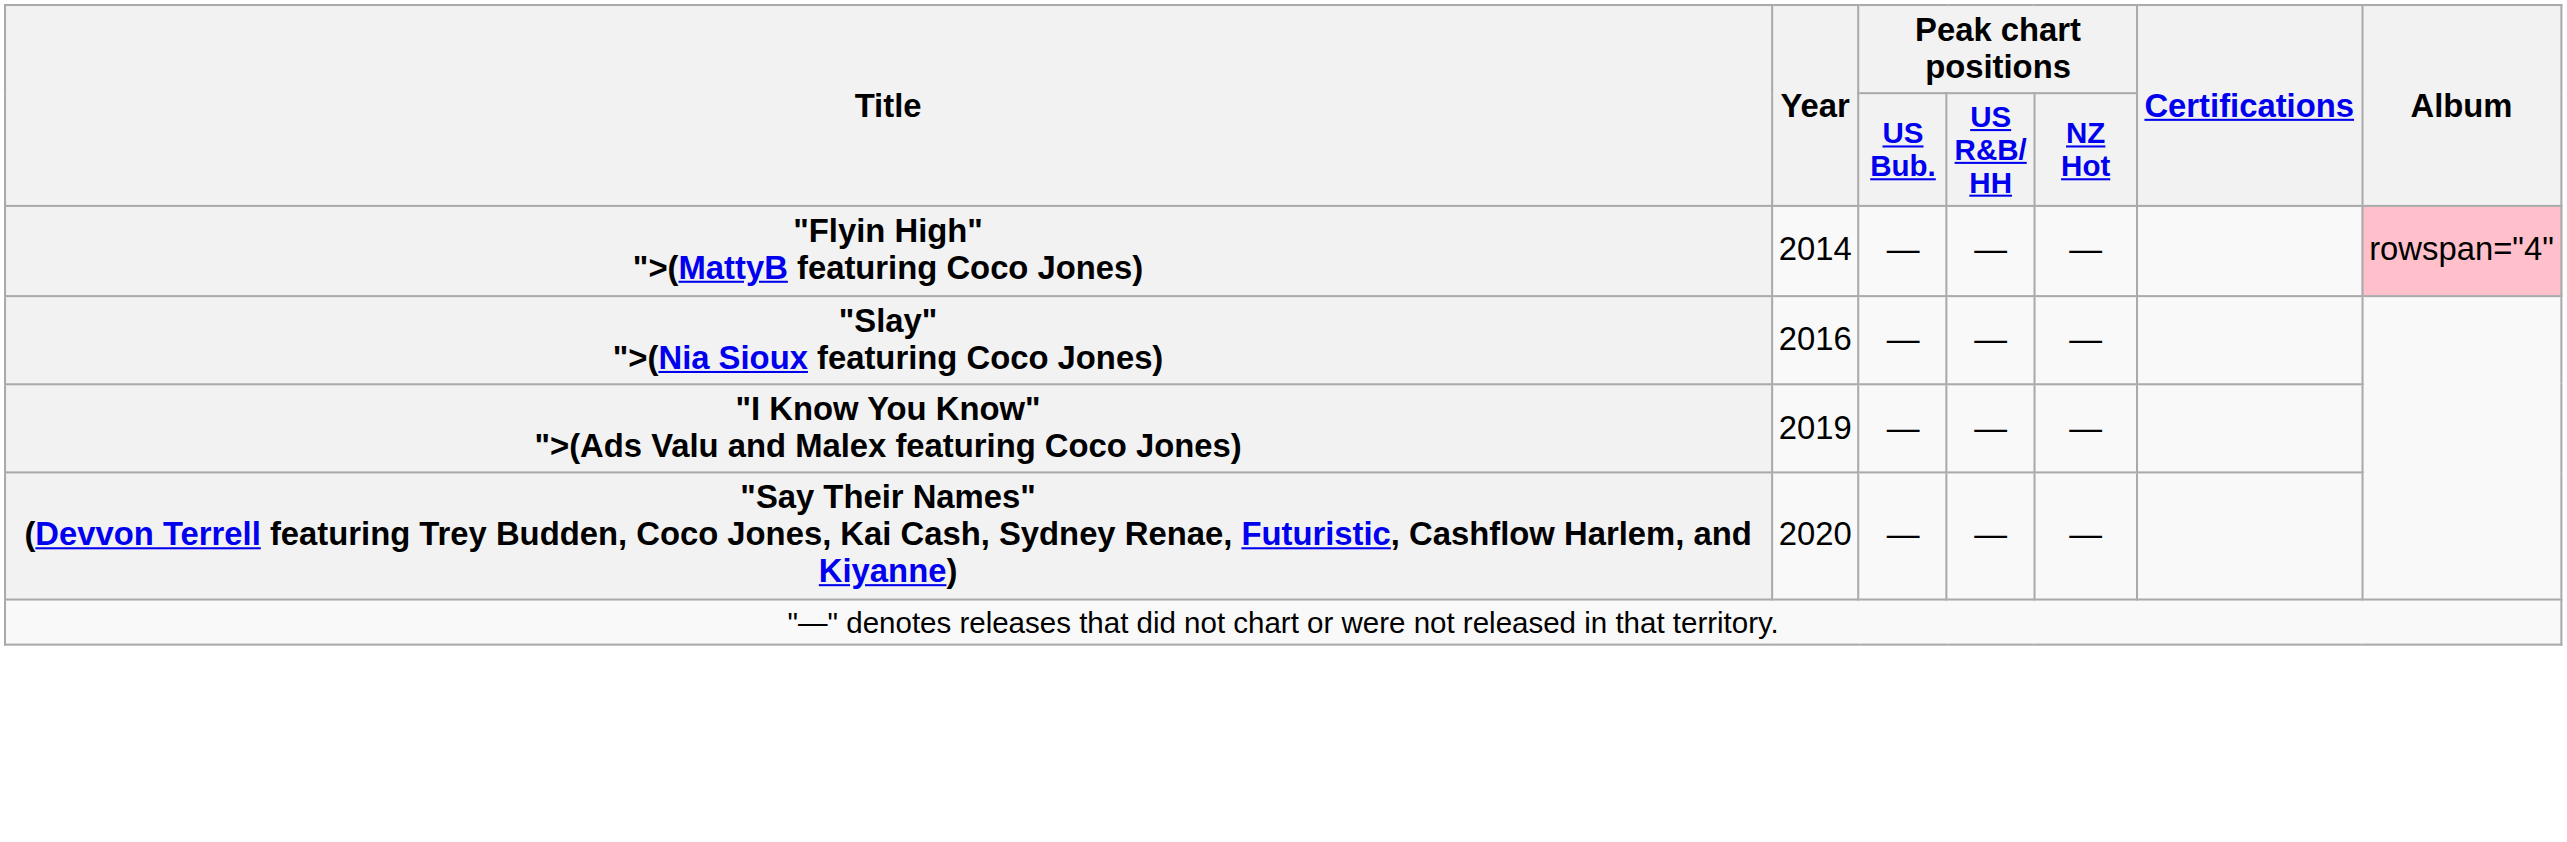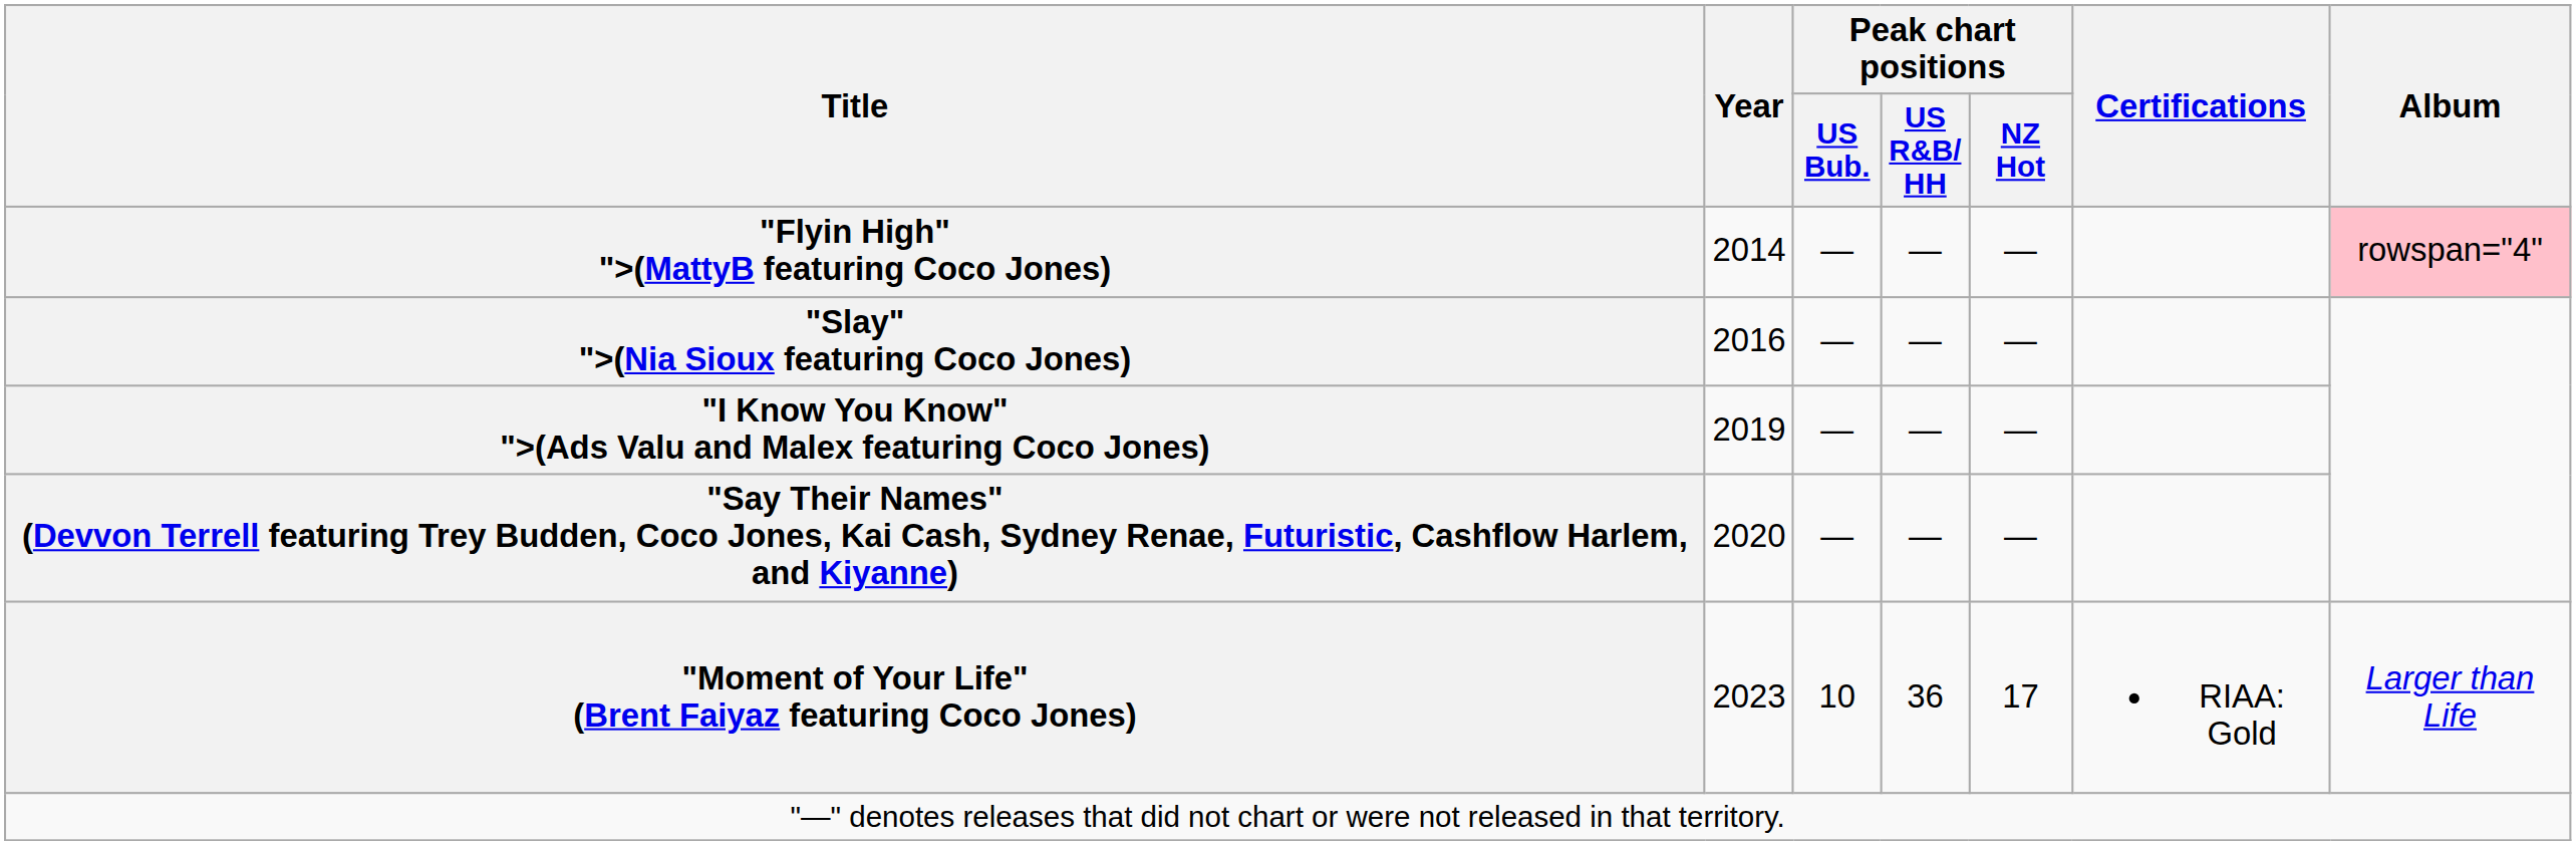 <table class="wikitable plainrowheaders" style="text-align:center;">
 <tr>
 <th scope="col" rowspan="2">Title</th>
 <th scope="col" rowspan="2">Year</th>
 <th scope="col" colspan="3">Peak chart positions</th>
 <th rowspan="2"><a href='#'>Certifications</a></th>
 <th scope="col" rowspan="2">Album</th>
 </tr>
 <tr>
 <th scope="col" style="width:2.5em;font-size:90%;"><a href='#'>US<br>Bub.</a><br></th>
 <th scope="col" style="width:2.5em;font-size:90%;"><a href='#'>US<br>R&B/<br>HH</a><br></th>
 <th scope="col" style="width:3em;font-size:90%;"><a href='#'>NZ Hot</a><br></th>
 </tr>
 <tr>
 <th scope="row">"Flyin High"<br><span>">(<a href='#'>MattyB</a> featuring Coco Jones)</span></th>
 <td>2014</td>
 <td>—</td>
 <td>—</td>
 <td>—</td>
 <td></td>
 <td style="background: pink;">rowspan="4" </td>
 </tr>
 <tr>
 <th scope="row">"Slay"<br><span>">(<a href='#'>Nia Sioux</a> featuring Coco Jones)</span></th>
 <td>2016</td>
 <td>—</td>
 <td>—</td>
 <td>—</td>
 <td></td>
 </tr>
 <tr>
 <th scope="row">"I Know You Know"<br><span>">(Ads Valu and Malex featuring Coco Jones)</span></th>
 <td>2019</td>
 <td>—</td>
 <td>—</td>
 <td>—</td>
 <td></td>
 </tr>
 <tr>
 <th scope="row">"Say Their Names"<br><span>(<a href='#'>Devvon Terrell</a> featuring Trey Budden, Coco Jones, Kai Cash, Sydney Renae, <a href='#'>Futuristic</a>, Cashflow Harlem, and <a href='#'>Kiyanne</a>)</span></th>
 <td>2020</td>
 <td>—</td>
 <td>—</td>
 <td>—</td>
 <td></td>
 </tr>
 <tr>
+<th scope="row">"Moment of Your Life"<br><span>(<a href='#'>Brent Faiyaz</a> featuring Coco Jones)</span></th>
+<td>2023</td>
+<td>10</td>
+<td>36</td>
+<td>17</td>
+<td><br><ul><li>RIAA: Gold</li></ul></td>
+<td><em><a href='#'>Larger than Life</a></em></td>
+</tr>
+<tr>
 <td colspan="7" style="font-size:90%;">"—" denotes releases that did not chart or were not released in that territory.</td>
 </tr>
 </table>
